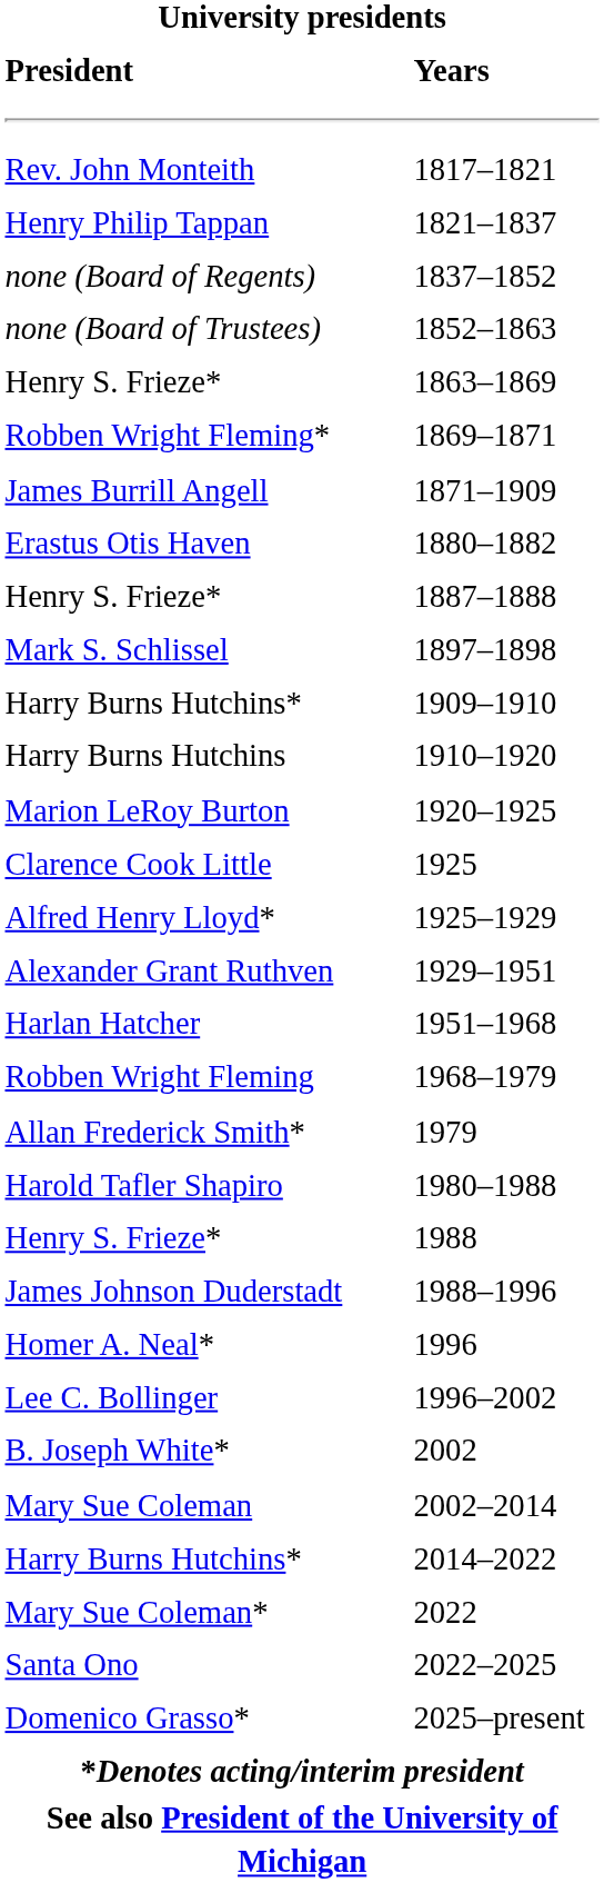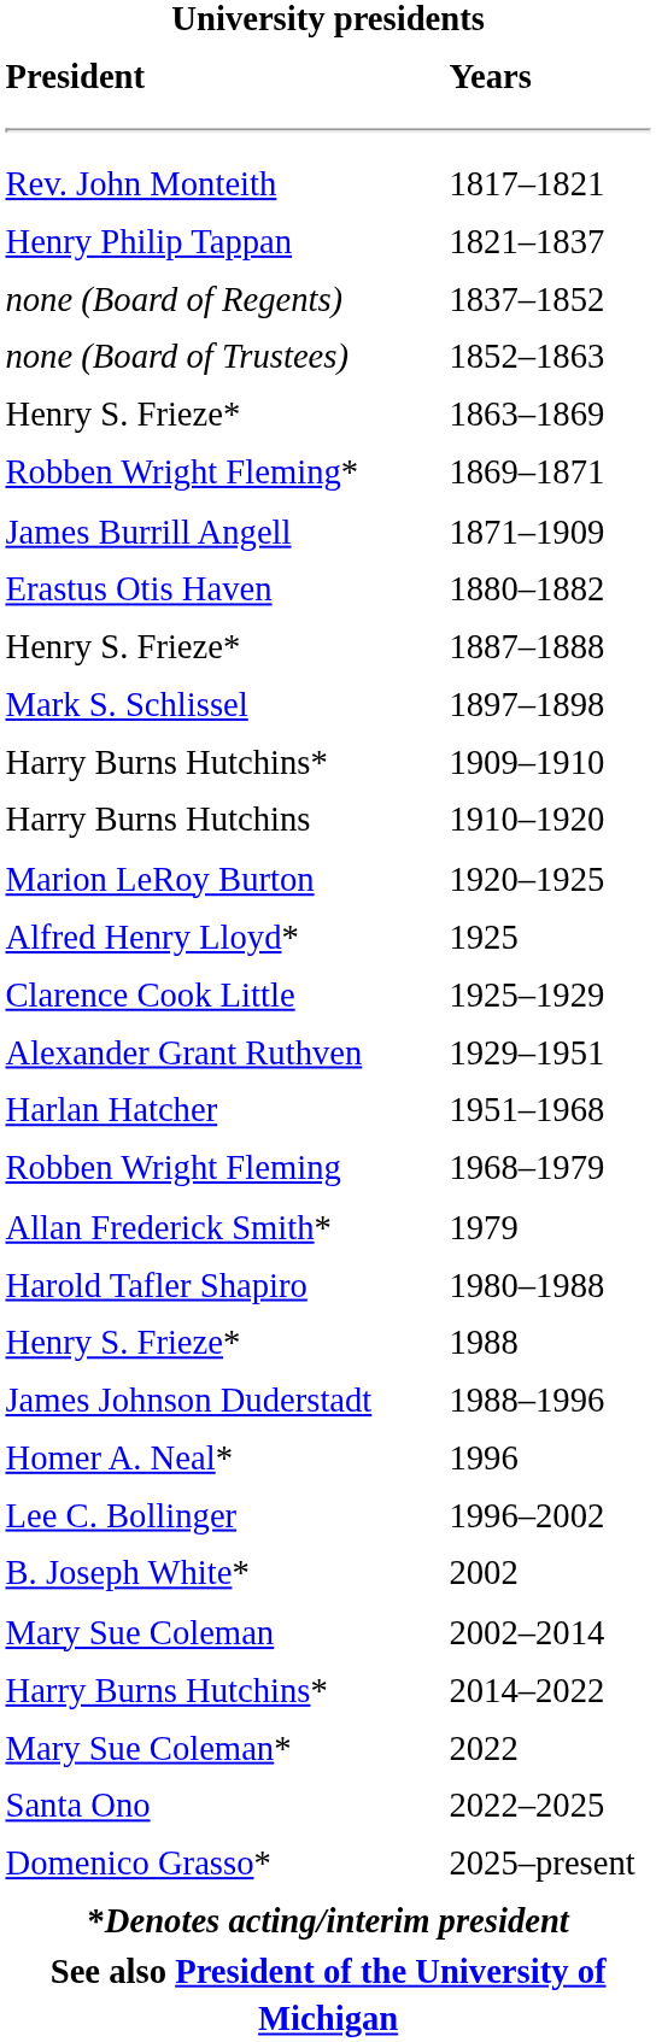 <table class="toccolours"  style="float:right; margin-left:1em; font-size:90%; line-height:1.4em; width:275px;" id="Presidents_of_the_University_of_Michigan">
 <tr>
 <th colspan="2" style="text-align: center;"><strong>University presidents</strong></th>
 </tr>
 <tr>
 <td style="width:68%;"><strong>President</strong></td>
 <td style="width:32%;"><strong>Years</strong></td>
 </tr>
 <tr>
 <td colspan="2"><hr></td>
 </tr>
 <tr>
 <td><a href='#'>Rev. John Monteith</a></td>
 <td>1817–1821</td>
 </tr>
 <tr>
 <td><a href='#'>Henry Philip Tappan</a></td>
 <td>1821–1837</td>
 </tr>
 <tr>
 <td><em>none (Board of Regents)</em></td>
 <td>1837–1852</td>
 </tr>
 <tr>
 <td><em>none (Board of Trustees)</em></td>
 <td>1852–1863</td>
 </tr>
 <tr>
 <td>Henry S. Frieze*</td>
 <td>1863–1869</td>
 </tr>
 <tr>
 <td><a href='#'>Robben Wright Fleming</a>*</td>
 <td>1869–1871</td>
 </tr>
 <tr>
 <td><a href='#'>James Burrill Angell</a></td>
 <td>1871–1909</td>
 </tr>
 <tr>
 <td><a href='#'>Erastus Otis Haven</a></td>
 <td>1880–1882</td>
 </tr>
 <tr>
 <td>Henry S. Frieze*</td>
 <td>1887–1888</td>
 </tr>
 <tr>
 <td><a href='#'>Mark S. Schlissel</a></td>
 <td>1897–1898</td>
 </tr>
 <tr>
 <td>Harry Burns Hutchins*</td>
 <td>1909–1910</td>
 </tr>
 <tr>
 <td>Harry Burns Hutchins</td>
 <td>1910–1920</td>
 </tr>
 <tr>
 <td><a href='#'>Marion LeRoy Burton</a></td>
 <td>1920–1925</td>
 </tr>
 <tr>
-<td><a href='#'>Clarence Cook Little</a></td>
+<td><a href='#'>Alfred Henry Lloyd</a>*</td>
 <td>1925</td>
 </tr>
 <tr>
-<td><a href='#'>Alfred Henry Lloyd</a>*</td>
+<td><a href='#'>Clarence Cook Little</a></td>
 <td>1925–1929</td>
 </tr>
 <tr>
 <td><a href='#'>Alexander Grant Ruthven</a></td>
 <td>1929–1951</td>
 </tr>
 <tr>
 <td><a href='#'>Harlan Hatcher</a></td>
 <td>1951–1968</td>
 </tr>
 <tr>
 <td><a href='#'>Robben Wright Fleming</a></td>
 <td>1968–1979</td>
 </tr>
 <tr>
 <td><a href='#'>Allan Frederick Smith</a>*</td>
 <td>1979</td>
 </tr>
 <tr>
 <td><a href='#'>Harold Tafler Shapiro</a></td>
 <td>1980–1988</td>
 </tr>
 <tr>
 <td><a href='#'>Henry S. Frieze</a>*</td>
 <td>1988</td>
 </tr>
 <tr>
 <td><a href='#'>James Johnson Duderstadt</a></td>
 <td>1988–1996</td>
 </tr>
 <tr>
 <td><a href='#'>Homer A. Neal</a>*</td>
 <td>1996</td>
 </tr>
 <tr>
 <td><a href='#'>Lee C. Bollinger</a></td>
 <td>1996–2002</td>
 </tr>
 <tr>
 <td><a href='#'>B. Joseph White</a>*</td>
 <td>2002</td>
 </tr>
 <tr>
 <td><a href='#'>Mary Sue Coleman</a></td>
 <td>2002–2014</td>
 </tr>
 <tr>
 <td><a href='#'>Harry Burns Hutchins</a>*</td>
 <td>2014–2022</td>
 </tr>
 <tr>
 <td><a href='#'>Mary Sue Coleman</a>*</td>
 <td>2022</td>
 </tr>
 <tr>
 <td><a href='#'>Santa Ono</a></td>
 <td>2022–2025</td>
 </tr>
 <tr>
 <td><a href='#'>Domenico Grasso</a>*</td>
 <td>2025–present</td>
 </tr>
 <tr>
 <th colspan="2">*<em>Denotes acting/interim president</em> <br> See also <a href='#'>President of the University of Michigan</a></th>
 </tr>
 </table>
